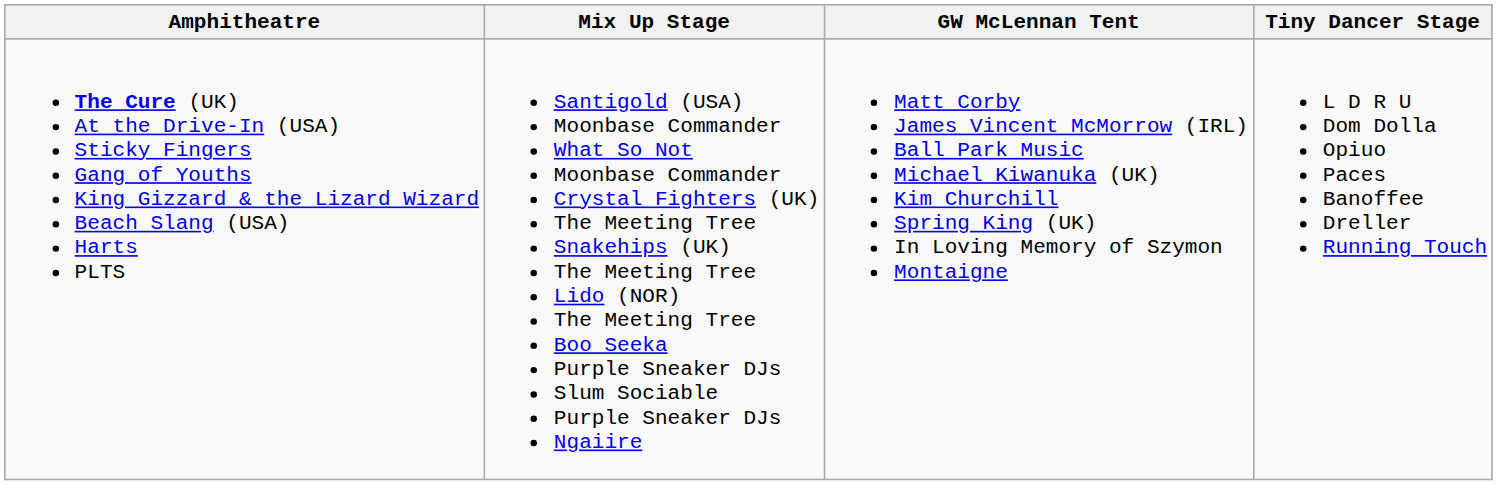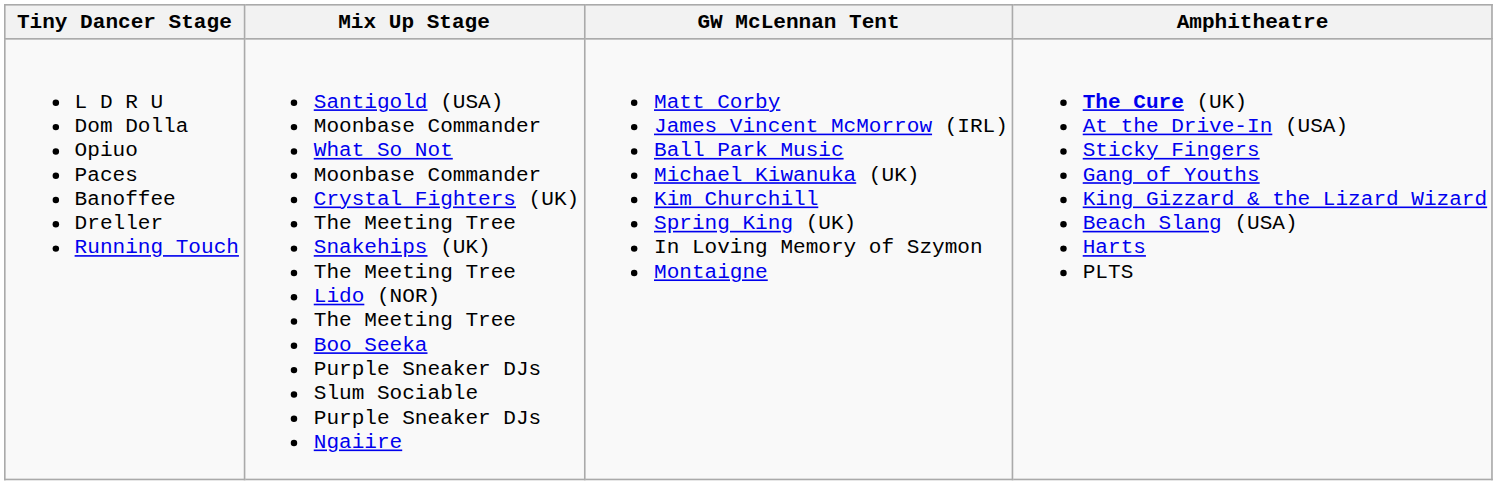 <table class="wikitable">
 <tr>
-<th>Amphitheatre</th>
+<th>Tiny Dancer Stage</th>
 <th>Mix Up Stage</th>
 <th>GW McLennan Tent</th>
-<th>Tiny Dancer Stage</th>
+<th>Amphitheatre</th>
 </tr>
 <tr valign="top">
-<td><br><ul><li><strong><a href='#'>The Cure</a></strong> (UK)</li><li><a href='#'>At the Drive-In</a> (USA)</li><li><a href='#'>Sticky Fingers</a></li><li><a href='#'>Gang of Youths</a></li><li><a href='#'>King Gizzard & the Lizard Wizard</a></li><li><a href='#'>Beach Slang</a> (USA)</li><li><a href='#'>Harts</a></li><li>PLTS</li></ul></td>
+<td><br><ul><li>L D R U</li><li>Dom Dolla</li><li>Opiuo</li><li>Paces</li><li>Banoffee</li><li>Dreller</li><li><a href='#'>Running Touch</a></li></ul></td>
 <td><br><ul><li><a href='#'>Santigold</a> (USA)</li><li>Moonbase Commander</li><li><a href='#'>What So Not</a></li><li>Moonbase Commander</li><li><a href='#'>Crystal Fighters</a> (UK)</li><li>The Meeting Tree</li><li><a href='#'>Snakehips</a> (UK)</li><li>The Meeting Tree</li><li><a href='#'>Lido</a> (NOR)</li><li>The Meeting Tree</li><li><a href='#'>Boo Seeka</a></li><li>Purple Sneaker DJs</li><li>Slum Sociable</li><li>Purple Sneaker DJs</li><li><a href='#'>Ngaiire</a></li></ul></td>
 <td><br><ul><li><a href='#'>Matt Corby</a></li><li><a href='#'>James Vincent McMorrow</a> (IRL)</li><li><a href='#'>Ball Park Music</a></li><li><a href='#'>Michael Kiwanuka</a> (UK)</li><li><a href='#'>Kim Churchill</a></li><li><a href='#'>Spring King</a> (UK)</li><li>In Loving Memory of Szymon</li><li><a href='#'>Montaigne</a></li></ul></td>
-<td><br><ul><li>L D R U</li><li>Dom Dolla</li><li>Opiuo</li><li>Paces</li><li>Banoffee</li><li>Dreller</li><li><a href='#'>Running Touch</a></li></ul></td>
+<td><br><ul><li><strong><a href='#'>The Cure</a></strong> (UK)</li><li><a href='#'>At the Drive-In</a> (USA)</li><li><a href='#'>Sticky Fingers</a></li><li><a href='#'>Gang of Youths</a></li><li><a href='#'>King Gizzard & the Lizard Wizard</a></li><li><a href='#'>Beach Slang</a> (USA)</li><li><a href='#'>Harts</a></li><li>PLTS</li></ul></td>
 </tr>
 </table>
